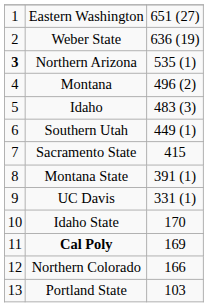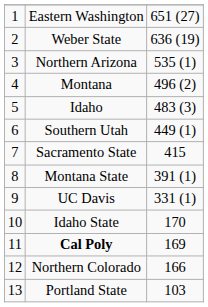 <table class="wikitable" style="display: inline-table;">
 <tr align="center">
 </tr>
 <tr align="center">
 <td>1</td>
 <td>Eastern Washington</td>
 <td>651 (27)</td>
 </tr>
 <tr align="center">
 <td>2</td>
 <td>Weber State</td>
 <td>636 (19)</td>
 </tr>
 <tr align="center">
-<td><strong>3</strong></td>
+<td>3</td>
 <td>Northern Arizona</td>
 <td>535 (1)</td>
 </tr>
 <tr align="center">
 <td>4</td>
 <td>Montana</td>
 <td>496 (2)</td>
 </tr>
 <tr align="center">
 <td>5</td>
 <td>Idaho</td>
 <td>483 (3)</td>
 </tr>
 <tr align="center">
 <td>6</td>
 <td>Southern Utah</td>
 <td>449 (1)</td>
 </tr>
 <tr align="center">
 <td>7</td>
 <td>Sacramento State</td>
 <td>415</td>
 </tr>
 <tr align="center">
 <td>8</td>
 <td>Montana State</td>
 <td>391 (1)</td>
 </tr>
 <tr align="center">
 <td>9</td>
 <td>UC Davis</td>
 <td>331 (1)</td>
 </tr>
 <tr align="center">
 <td>10</td>
 <td>Idaho State</td>
 <td>170</td>
 </tr>
 <tr align="center">
 <td>11</td>
 <td><strong>Cal Poly</strong></td>
 <td>169</td>
 </tr>
 <tr align="center">
 <td>12</td>
 <td>Northern Colorado</td>
 <td>166</td>
 </tr>
 <tr align="center">
 <td>13</td>
 <td>Portland State</td>
 <td>103</td>
 </tr>
 </table>
